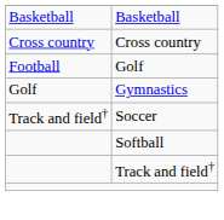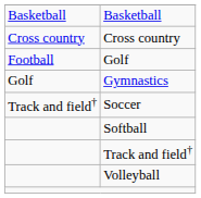 <table class="wikitable">
 <tr>
 </tr>
 <tr>
 <td><a href='#'>Basketball</a></td>
 <td><a href='#'>Basketball</a></td>
 </tr>
 <tr>
 <td><a href='#'>Cross country</a></td>
 <td>Cross country</td>
 </tr>
 <tr>
 <td><a href='#'>Football</a></td>
 <td>Golf</td>
 </tr>
 <tr>
 <td>Golf</td>
 <td><a href='#'>Gymnastics</a></td>
 </tr>
 <tr>
 <td>Track and field<sup>†</sup></td>
 <td>Soccer</td>
 </tr>
 <tr>
 <td></td>
 <td>Softball</td>
 </tr>
 <tr>
 <td></td>
 <td>Track and field<sup>†</sup></td>
 </tr>
 <tr>
+<td></td>
+<td>Volleyball</td>
+</tr>
+<tr>
 <td colspan="2"></td>
 </tr>
 </table>
